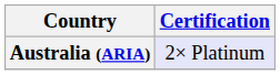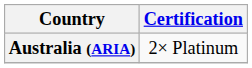 <table class="wikitable plainrowheaders">
 <tr>
 <th scope="col">Country</th>
 <th scope="col"><a href='#'>Certification</a></th>
 </tr>
 <tr>
 <th scope="row">Australia <small>(<a href='#'>ARIA</a>)</small></th>
-<td style="background: lavender; text-align:center;">2× Platinum</td>
+<td style="text-align:center;">2× Platinum</td>
 </tr>
 <tr>
 </tr>
 </table>
